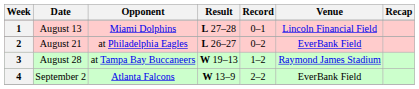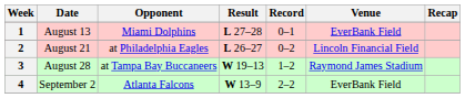 <table class="wikitable" style="text-align:center">
 <tr>
 <th>Week</th>
 <th>Date</th>
 <th>Opponent</th>
 <th>Result</th>
 <th>Record</th>
 <th>Venue</th>
 <th>Recap</th>
 </tr>
 <tr>
 </tr>
 <tr style="background:#fcc">
 <th>1</th>
 <td>August 13</td>
 <td><a href='#'>Miami Dolphins</a></td>
 <td><strong>L</strong> 27–28</td>
 <td>0–1</td>
-<td><a href='#'>Lincoln Financial Field</a></td>
+<td><a href='#'>EverBank Field</a></td>
 <td></td>
 </tr>
 <tr>
 </tr>
 <tr style="background:#fcc">
 <th>2</th>
 <td>August 21</td>
 <td>at <a href='#'>Philadelphia Eagles</a></td>
 <td><strong>L</strong> 26–27</td>
 <td>0–2</td>
-<td><a href='#'>EverBank Field</a></td>
+<td><a href='#'>Lincoln Financial Field</a></td>
 <td></td>
 </tr>
 <tr style="background:#cfc;">
 <th>3</th>
 <td>August 28</td>
 <td>at <a href='#'>Tampa Bay Buccaneers</a></td>
 <td><strong>W</strong> 19–13</td>
 <td>1–2</td>
 <td><a href='#'>Raymond James Stadium</a></td>
 <td></td>
 </tr>
 <tr style="background:#cfc;">
 <th>4</th>
 <td>September 2</td>
 <td><a href='#'>Atlanta Falcons</a></td>
 <td><strong>W</strong> 13–9</td>
 <td>2–2</td>
 <td>EverBank Field</td>
 <td></td>
 </tr>
 <tr>
 </tr>
 </table>
